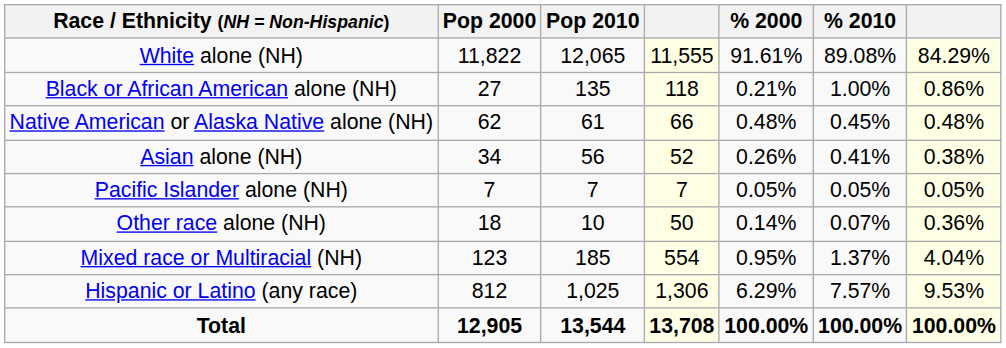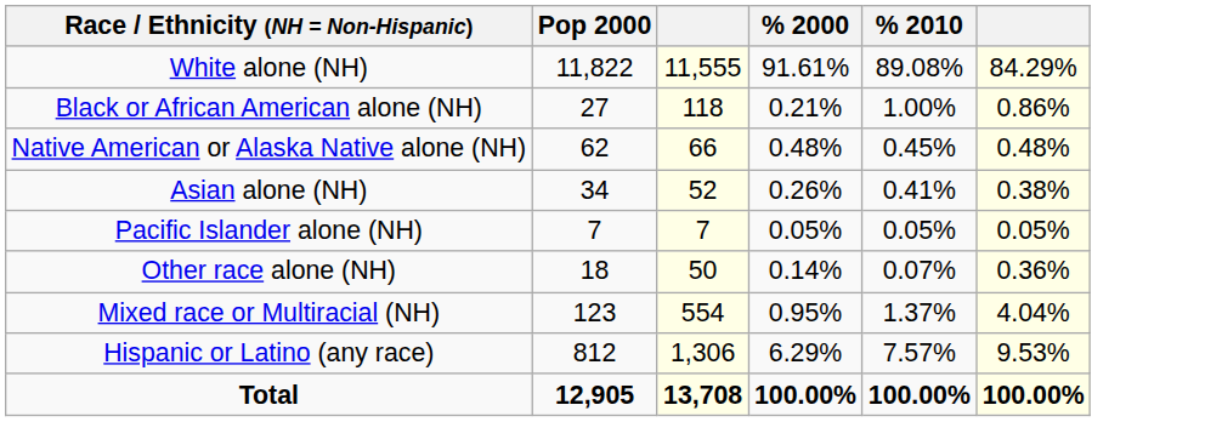 <table class="wikitable" style="text-align:center;">
 <tr>
 <th>Race / Ethnicity <small>(<em>NH = Non-Hispanic</em>)</small></th>
 <th>Pop 2000</th>
-<th>Pop 2010</th>
 <th></th>
 <th>% 2000</th>
 <th>% 2010</th>
 <th></th>
 </tr>
 <tr>
 <td><a href='#'>White</a> alone (NH)</td>
 <td>11,822</td>
-<td>12,065</td>
 <td style='background: #ffffe6;'>11,555</td>
 <td>91.61%</td>
 <td>89.08%</td>
 <td style='background: #ffffe6;'>84.29%</td>
 </tr>
 <tr>
 <td><a href='#'>Black or African American</a> alone (NH)</td>
 <td>27</td>
-<td>135</td>
 <td style='background: #ffffe6;'>118</td>
 <td>0.21%</td>
 <td>1.00%</td>
 <td style='background: #ffffe6;'>0.86%</td>
 </tr>
 <tr>
 <td><a href='#'>Native American</a> or <a href='#'>Alaska Native</a> alone (NH)</td>
 <td>62</td>
-<td>61</td>
 <td style='background: #ffffe6;'>66</td>
 <td>0.48%</td>
 <td>0.45%</td>
 <td style='background: #ffffe6;'>0.48%</td>
 </tr>
 <tr>
 <td><a href='#'>Asian</a> alone (NH)</td>
 <td>34</td>
-<td>56</td>
 <td style='background: #ffffe6;'>52</td>
 <td>0.26%</td>
 <td>0.41%</td>
 <td style='background: #ffffe6;'>0.38%</td>
 </tr>
 <tr>
 <td><a href='#'>Pacific Islander</a> alone (NH)</td>
-<td>7</td>
 <td>7</td>
 <td style='background: #ffffe6;'>7</td>
 <td>0.05%</td>
 <td>0.05%</td>
 <td style='background: #ffffe6;'>0.05%</td>
 </tr>
 <tr>
 <td><a href='#'>Other race</a> alone (NH)</td>
 <td>18</td>
-<td>10</td>
 <td style='background: #ffffe6;'>50</td>
 <td>0.14%</td>
 <td>0.07%</td>
 <td style='background: #ffffe6;'>0.36%</td>
 </tr>
 <tr>
 <td><a href='#'>Mixed race or Multiracial</a> (NH)</td>
 <td>123</td>
-<td>185</td>
 <td style='background: #ffffe6;'>554</td>
 <td>0.95%</td>
 <td>1.37%</td>
 <td style='background: #ffffe6;'>4.04%</td>
 </tr>
 <tr>
 <td><a href='#'>Hispanic or Latino</a> (any race)</td>
 <td>812</td>
-<td>1,025</td>
 <td style='background: #ffffe6;'>1,306</td>
 <td>6.29%</td>
 <td>7.57%</td>
 <td style='background: #ffffe6;'>9.53%</td>
 </tr>
 <tr>
 <td><strong>Total</strong></td>
 <td><strong>12,905</strong></td>
-<td><strong>13,544</strong></td>
 <td style='background: #ffffe6;'><strong>13,708</strong></td>
 <td><strong>100.00%</strong></td>
 <td><strong>100.00%</strong></td>
 <td style='background: #ffffe6;'><strong>100.00%</strong></td>
 </tr>
 </table>
